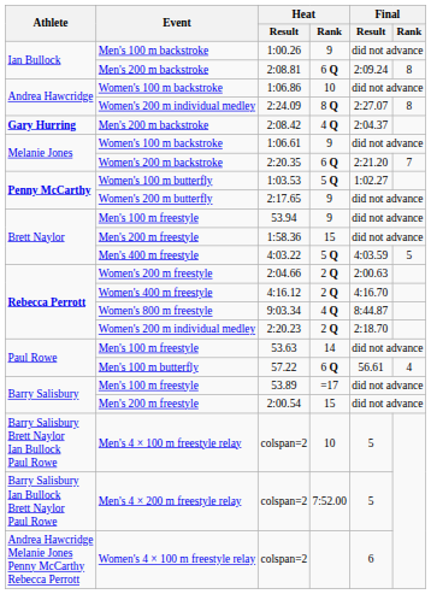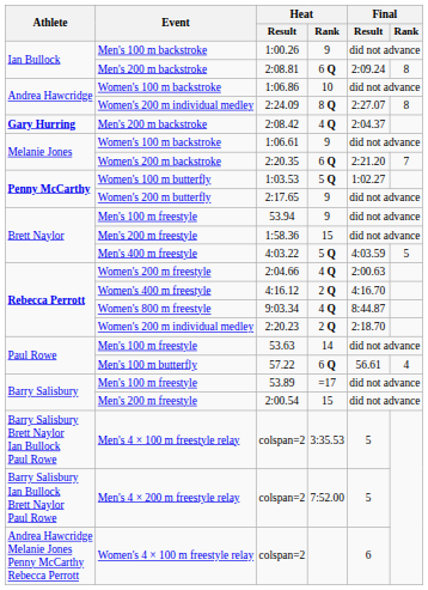 <table class=wikitable style=font-size:90%>
 <tr>
 <th rowspan=2>Athlete</th>
 <th rowspan=2>Event</th>
 <th colspan=2>Heat</th>
 <th colspan=2>Final</th>
 </tr>
 <tr style=font-size:95%>
 <th>Result</th>
 <th>Rank</th>
 <th>Result</th>
 <th>Rank</th>
 </tr>
 <tr align=center>
 <td align=left rowspan=2><a href='#'>Ian Bullock</a></td>
 <td align=left><a href='#'>Men's 100 m backstroke</a></td>
 <td>1:00.26</td>
 <td>9</td>
 <td colspan=2>did not advance</td>
 </tr>
 <tr align=center>
 <td align=left><a href='#'>Men's 200 m backstroke</a></td>
 <td>2:08.81</td>
 <td>6 <strong>Q</strong></td>
 <td>2:09.24</td>
 <td>8</td>
 </tr>
 <tr align=center>
 <td align=left rowspan=2><a href='#'>Andrea Hawcridge</a></td>
 <td align=left><a href='#'>Women's 100 m backstroke</a></td>
 <td>1:06.86</td>
 <td>10</td>
 <td colspan=2>did not advance</td>
 </tr>
 <tr align=center>
 <td align=left><a href='#'>Women's 200 m individual medley</a></td>
 <td>2:24.09</td>
 <td>8 <strong>Q</strong></td>
 <td>2:27.07</td>
 <td>8</td>
 </tr>
 <tr align=center>
 <td align=left><strong><a href='#'>Gary Hurring</a></strong></td>
 <td align=left><a href='#'>Men's 200 m backstroke</a></td>
 <td>2:08.42</td>
 <td>4 <strong>Q</strong></td>
 <td>2:04.37 </td>
 <td></td>
 </tr>
 <tr align=center>
 <td align=left rowspan=2><a href='#'>Melanie Jones</a></td>
 <td align=left><a href='#'>Women's 100 m backstroke</a></td>
 <td>1:06.61</td>
 <td>9</td>
 <td colspan=2>did not advance</td>
 </tr>
 <tr align=center>
 <td align=left><a href='#'>Women's 200 m backstroke</a></td>
 <td>2:20.35</td>
 <td>6 <strong>Q</strong></td>
 <td>2:21.20</td>
 <td>7</td>
 </tr>
 <tr align=center>
 <td align=left rowspan=2><strong><a href='#'>Penny McCarthy</a></strong></td>
 <td align=left><a href='#'>Women's 100 m butterfly</a></td>
 <td>1:03.53</td>
 <td>5 <strong>Q</strong></td>
 <td>1:02.27</td>
 <td></td>
 </tr>
 <tr align=center>
 <td align=left><a href='#'>Women's 200 m butterfly</a></td>
 <td>2:17.65</td>
 <td>9</td>
 <td colspan=2>did not advance</td>
 </tr>
 <tr align=center>
 <td align=left rowspan=3><a href='#'>Brett Naylor</a></td>
 <td align=left><a href='#'>Men's 100 m freestyle</a></td>
 <td>53.94</td>
 <td>9</td>
 <td colspan=2>did not advance</td>
 </tr>
 <tr align=center>
 <td align=left><a href='#'>Men's 200 m freestyle</a></td>
 <td>1:58.36</td>
 <td>15</td>
 <td colspan=2>did not advance</td>
 </tr>
 <tr align=center>
 <td align=left><a href='#'>Men's 400 m freestyle</a></td>
 <td>4:03.22</td>
 <td>5 <strong>Q</strong></td>
 <td>4:03.59</td>
 <td>5</td>
 </tr>
 <tr align=center>
 <td align=left rowspan=4><strong><a href='#'>Rebecca Perrott</a></strong></td>
 <td align=left><a href='#'>Women's 200 m freestyle</a></td>
 <td>2:04.66</td>
-<td>2 <strong>Q</strong></td>
+<td>4 <strong>Q</strong></td>
 <td>2:00.63 </td>
 <td></td>
 </tr>
 <tr align=center>
 <td align=left><a href='#'>Women's 400 m freestyle</a></td>
 <td>4:16.12</td>
 <td>2 <strong>Q</strong></td>
 <td>4:16.70</td>
 <td></td>
 </tr>
 <tr align=center>
 <td align=left><a href='#'>Women's 800 m freestyle</a></td>
 <td>9:03.34</td>
 <td>4 <strong>Q</strong></td>
 <td>8:44.87</td>
 <td></td>
 </tr>
 <tr align=center>
 <td align=left><a href='#'>Women's 200 m individual medley</a></td>
 <td>2:20.23</td>
 <td>2 <strong>Q</strong></td>
 <td>2:18.70</td>
 <td></td>
 </tr>
 <tr align=center>
 <td align=left rowspan=2><a href='#'>Paul Rowe</a></td>
 <td align=left><a href='#'>Men's 100 m freestyle</a></td>
 <td>53.63</td>
 <td>14</td>
 <td colspan=2>did not advance</td>
 </tr>
 <tr align=center>
 <td align=left><a href='#'>Men's 100 m butterfly</a></td>
 <td>57.22</td>
 <td>6 <strong>Q</strong></td>
 <td>56.61</td>
 <td>4</td>
 </tr>
 <tr align=center>
 <td align=left rowspan=2><a href='#'>Barry Salisbury</a></td>
 <td align=left><a href='#'>Men's 100 m freestyle</a></td>
 <td>53.89</td>
 <td>=17</td>
 <td colspan=2>did not advance</td>
 </tr>
 <tr align=center>
 <td align=left><a href='#'>Men's 200 m freestyle</a></td>
 <td>2:00.54</td>
 <td>15</td>
 <td colspan=2>did not advance</td>
 </tr>
 <tr align=center>
 <td align=left><a href='#'>Barry Salisbury</a><br><a href='#'>Brett Naylor</a><br><a href='#'>Ian Bullock</a><br><a href='#'>Paul Rowe</a></td>
 <td align=left><a href='#'>Men's 4 × 100 m freestyle relay</a></td>
 <td>colspan=2 </td>
-<td>10</td>
+<td>3:35.53</td>
 <td>5</td>
 </tr>
 <tr align=center>
 <td align=left><a href='#'>Barry Salisbury</a><br><a href='#'>Ian Bullock</a><br><a href='#'>Brett Naylor</a><br><a href='#'>Paul Rowe</a></td>
 <td align=left><a href='#'>Men's 4 × 200 m freestyle relay</a></td>
 <td>colspan=2 </td>
 <td>7:52.00</td>
 <td>5</td>
 </tr>
 <tr align=center>
 <td align=left><a href='#'>Andrea Hawcridge</a><br><a href='#'>Melanie Jones</a><br><a href='#'>Penny McCarthy</a><br><a href='#'>Rebecca Perrott</a></td>
 <td align=left><a href='#'>Women's 4 × 100 m freestyle relay</a></td>
 <td>colspan=2 </td>
 <td></td>
 <td>6</td>
 </tr>
 </table>
